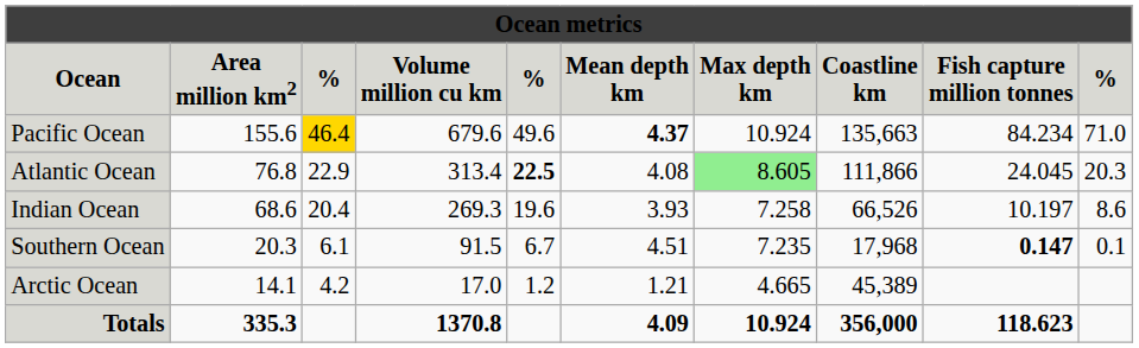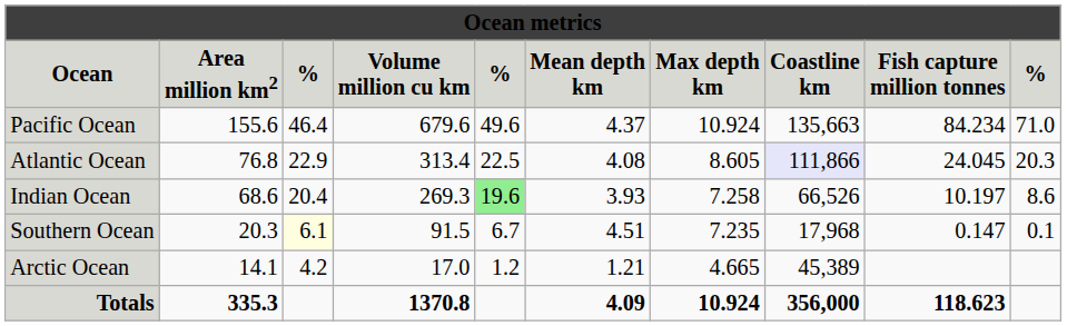 <table class="wikitable">
 <tr>
 <th colspan=10 style="background:#3E3E3E" align="center" width="560px"><span>Ocean metrics</span></th>
 </tr>
 <tr>
 <th style="background:#d9d9d3">Ocean</th>
 <th style="background:#d9d9d3">Area<br>million km<sup>2</sup></th>
 <th style="background:#d9d9d3">%</th>
 <th style="background:#d9d9d3">Volume<br>million cu km</th>
 <th style="background:#d9d9d3">%</th>
 <th style="background:#d9d9d3">Mean depth<br>km</th>
 <th style="background:#d9d9d3">Max depth<br>km</th>
 <th style="background:#d9d9d3">Coastline<br>km</th>
 <th style="background:#d9d9d3">Fish capture<br>million tonnes</th>
 <th style="background:#d9d9d3">%</th>
 </tr>
 <tr>
 <td style="background:#d9d9d3">Pacific Ocean</td>
 <td align="right">155.6</td>
-<td align="right" style="background: gold;">46.4</td>
+<td align="right">46.4</td>
 <td align="right">679.6</td>
 <td align="right">49.6</td>
-<td align="right"><strong>4.37</strong></td>
+<td align="right">4.37</td>
 <td align="right">10.924</td>
 <td align="right">135,663</td>
 <td align="right">84.234</td>
 <td align="right">71.0</td>
 </tr>
 <tr>
 <td style="background:#d9d9d3">Atlantic Ocean</td>
 <td align="right">76.8</td>
 <td align="right">22.9</td>
 <td align="right">313.4</td>
-<td align="right"><strong>22.5</strong></td>
+<td align="right">22.5</td>
 <td align="right">4.08</td>
-<td align="right" style="background: lightgreen;">8.605</td>
-<td align="right">111,866</td>
+<td align="right">8.605</td>
+<td align="right" style="background: lavender;">111,866</td>
 <td align="right">24.045</td>
 <td align="right">20.3</td>
 </tr>
 <tr>
 <td style="background:#d9d9d3">Indian Ocean</td>
 <td align="right">68.6</td>
 <td align="right">20.4</td>
 <td align="right">269.3</td>
-<td align="right">19.6</td>
+<td align="right" style="background: lightgreen;">19.6</td>
 <td align="right">3.93</td>
 <td align="right">7.258</td>
 <td align="right">66,526</td>
 <td align="right">10.197</td>
 <td align="right">8.6</td>
 </tr>
 <tr>
 <td style="background:#d9d9d3">Southern Ocean</td>
 <td align="right">20.3</td>
-<td align="right">6.1</td>
+<td align="right" style="background: lightyellow;">6.1</td>
 <td align="right">91.5</td>
 <td align="right">6.7</td>
 <td align="right">4.51</td>
 <td align="right">7.235</td>
 <td align="right">17,968</td>
-<td align="right"><strong>0.147</strong></td>
+<td align="right">0.147</td>
 <td align="right">0.1</td>
 </tr>
 <tr>
 <td style="background:#d9d9d3">Arctic Ocean</td>
 <td align="right">14.1</td>
 <td align="right">4.2</td>
 <td align="right">17.0</td>
 <td align="right">1.2</td>
 <td align="right">1.21</td>
 <td align="right">4.665</td>
 <td align="right">45,389</td>
 <td></td>
 <td></td>
 </tr>
 <tr>
 <td align="right" style="background:#d9d9d3"><strong>Totals</strong></td>
 <td align="right"><strong>335.3</strong></td>
 <td></td>
 <td align="right"><strong>1370.8</strong></td>
 <td align="right"></td>
 <td align="right"><strong>4.09</strong></td>
 <td align="right"><strong>10.924</strong></td>
 <td align="right"><strong>356,000</strong></td>
 <td align="right"><strong>118.623</strong></td>
 <td align="right"></td>
 </tr>
 </table>
